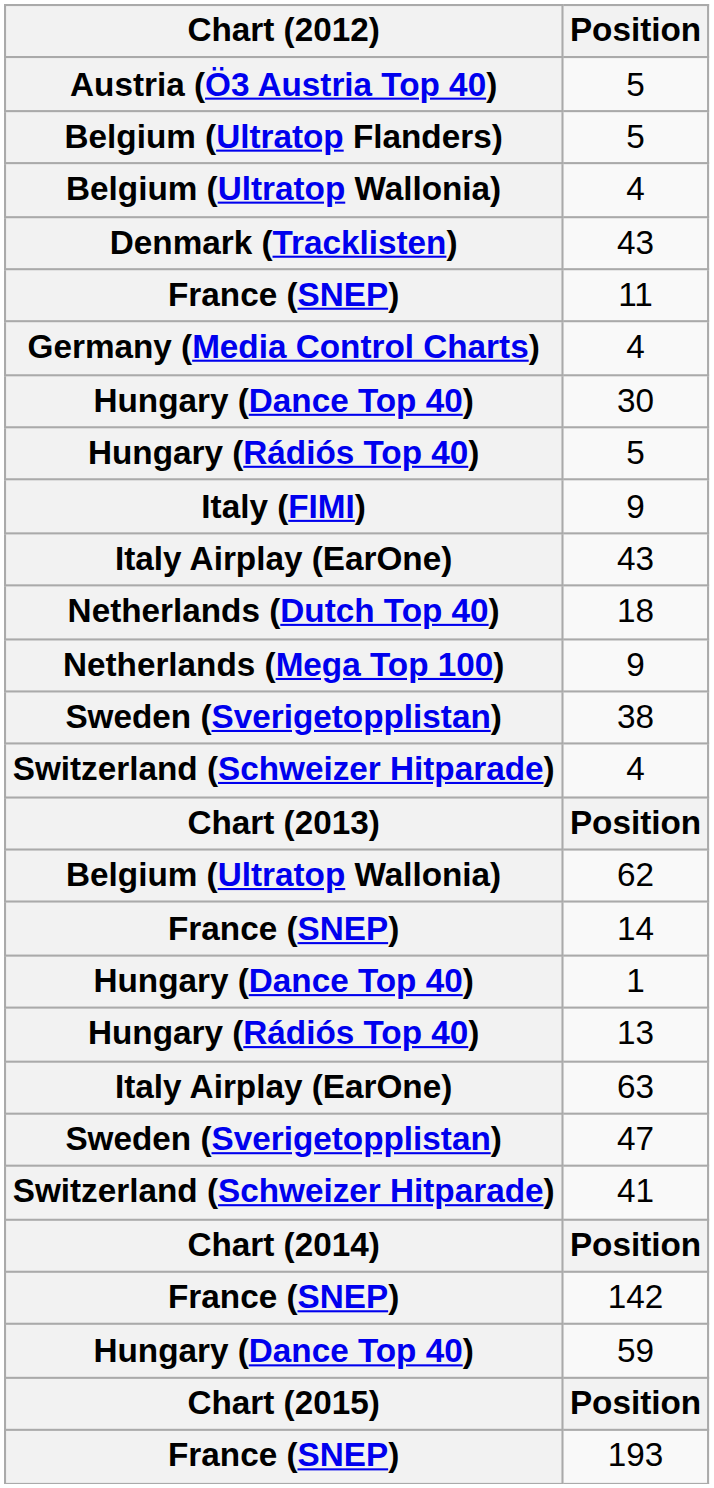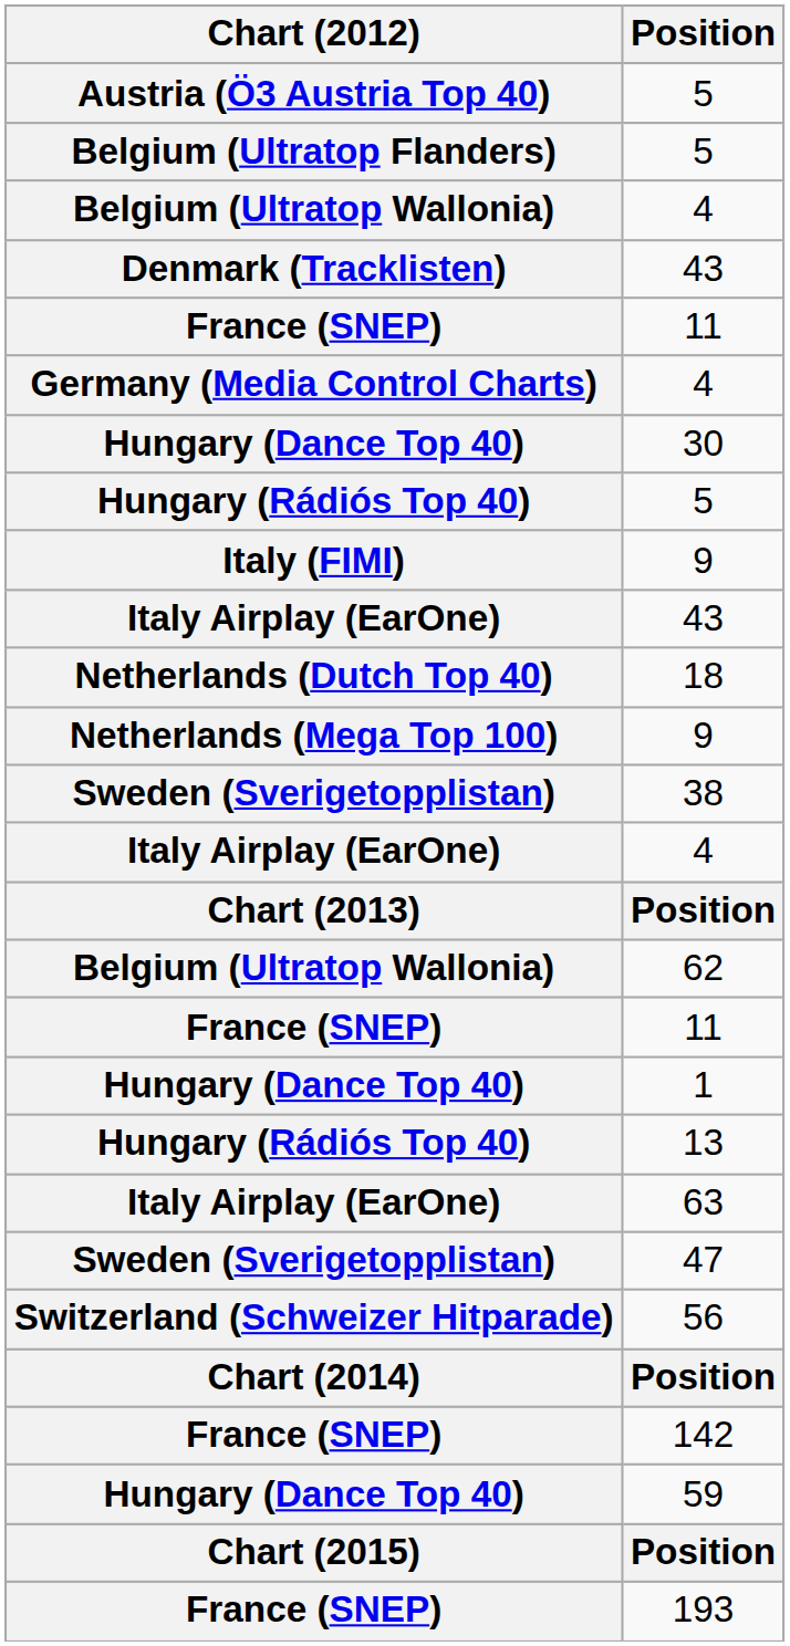 <table class="wikitable sortable plainrowheaders">
 <tr>
 <th>Chart (2012)</th>
 <th>Position</th>
 </tr>
 <tr>
 <th scope="row">Austria (<a href='#'>Ö3 Austria Top 40</a>)</th>
 <td style="text-align:center;">5</td>
 </tr>
 <tr>
 <th scope="row">Belgium (<a href='#'>Ultratop</a> Flanders)</th>
 <td style="text-align:center;">5</td>
 </tr>
 <tr>
 <th scope="row">Belgium (<a href='#'>Ultratop</a> Wallonia)</th>
 <td style="text-align:center;">4</td>
 </tr>
 <tr>
 <th scope="row">Denmark (<a href='#'>Tracklisten</a>)</th>
 <td style="text-align:center;">43</td>
 </tr>
 <tr>
 <th scope="row">France (<a href='#'>SNEP</a>)</th>
 <td style="text-align:center;">11</td>
 </tr>
 <tr>
 <th scope="row">Germany (<a href='#'>Media Control Charts</a>)</th>
 <td style="text-align:center;">4</td>
 </tr>
 <tr>
 <th scope="row">Hungary (<a href='#'>Dance Top 40</a>)</th>
 <td style="text-align:center;">30</td>
 </tr>
 <tr>
 <th scope="row">Hungary (<a href='#'>Rádiós Top 40</a>)</th>
 <td style="text-align:center;">5</td>
 </tr>
 <tr>
 <th scope="row">Italy (<a href='#'>FIMI</a>)</th>
 <td style="text-align:center;">9</td>
 </tr>
 <tr>
 <th scope="row">Italy Airplay (EarOne)</th>
 <td style="text-align:center;">43</td>
 </tr>
 <tr>
 <th scope="row">Netherlands (<a href='#'>Dutch Top 40</a>)</th>
 <td style="text-align:center;">18</td>
 </tr>
 <tr>
 <th scope="row">Netherlands (<a href='#'>Mega Top 100</a>)</th>
 <td style="text-align:center;">9</td>
 </tr>
 <tr>
 <th scope="row">Sweden (<a href='#'>Sverigetopplistan</a>)</th>
 <td style="text-align:center;">38</td>
 </tr>
 <tr>
-<th scope="row">Switzerland (<a href='#'>Schweizer Hitparade</a>)</th>
+<th scope="row">Italy Airplay (EarOne)</th>
 <td style="text-align:center;">4</td>
 </tr>
 <tr>
 <th>Chart (2013)</th>
 <th>Position</th>
 </tr>
 <tr>
 <th scope="row">Belgium (<a href='#'>Ultratop</a> Wallonia)</th>
 <td style="text-align:center;">62</td>
 </tr>
 <tr>
 <th scope="row">France (<a href='#'>SNEP</a>)</th>
-<td style="text-align:center;">14</td>
+<td style="text-align:center;">11</td>
 </tr>
 <tr>
 <th scope="row">Hungary (<a href='#'>Dance Top 40</a>)</th>
 <td style="text-align:center;">1</td>
 </tr>
 <tr>
 <th scope="row">Hungary (<a href='#'>Rádiós Top 40</a>)</th>
 <td align="center">13</td>
 </tr>
 <tr>
 <th scope="row">Italy Airplay (EarOne)</th>
 <td align="center">63</td>
 </tr>
 <tr>
 <th scope="row">Sweden (<a href='#'>Sverigetopplistan</a>)</th>
 <td style="text-align:center;">47</td>
 </tr>
 <tr>
 <th scope="row">Switzerland (<a href='#'>Schweizer Hitparade</a>)</th>
-<td style="text-align:center;">41</td>
+<td style="text-align:center;">56</td>
 </tr>
 <tr>
 <th>Chart (2014)</th>
 <th>Position</th>
 </tr>
 <tr>
 <th scope="row">France (<a href='#'>SNEP</a>)</th>
 <td style="text-align:center;">142</td>
 </tr>
 <tr>
 <th scope="row">Hungary (<a href='#'>Dance Top 40</a>)</th>
 <td style="text-align:center;">59</td>
 </tr>
 <tr>
 <th>Chart (2015)</th>
 <th>Position</th>
 </tr>
 <tr>
 <th scope="row">France (<a href='#'>SNEP</a>)</th>
 <td style="text-align:center;">193</td>
 </tr>
 </table>
